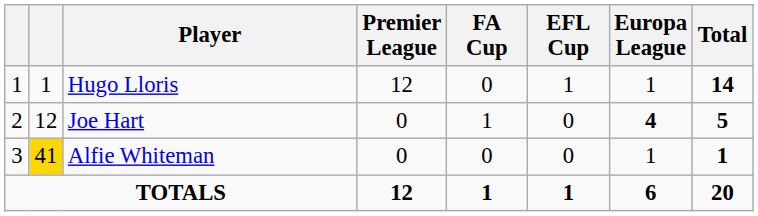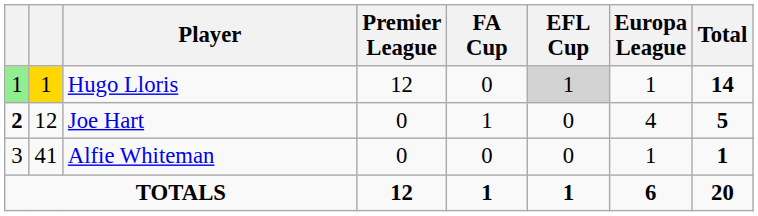 <table class="wikitable sortable" style="text-align:center">
 <tr>
 <th width=10></th>
 <th width=10></th>
 <th width=200>Player</th>
 <th width=50>Premier League</th>
 <th width=50>FA Cup</th>
 <th width=50>EFL Cup</th>
 <th width=50>Europa League</th>
 <th>Total</th>
 </tr>
 <tr>
-<td>1</td>
-<td>1</td>
+<td style="background: lightgreen;">1</td>
+<td style="background: gold;">1</td>
 <td align="left"> <a href='#'>Hugo Lloris</a></td>
 <td>12</td>
 <td>0</td>
-<td>1</td>
+<td style="background: lightgrey;">1</td>
 <td>1</td>
 <td><strong>14</strong></td>
 </tr>
 <tr>
-<td>2</td>
+<td><strong>2</strong></td>
 <td>12</td>
 <td align="left"> <a href='#'>Joe Hart</a></td>
 <td>0</td>
 <td>1</td>
 <td>0</td>
-<td><strong>4</strong></td>
+<td>4</td>
 <td><strong>5</strong></td>
 </tr>
 <tr>
 <td>3</td>
-<td style="background: gold;">41</td>
+<td>41</td>
 <td align="left"> <a href='#'>Alfie Whiteman</a></td>
 <td>0</td>
 <td>0</td>
 <td>0</td>
 <td>1</td>
 <td><strong>1</strong></td>
 </tr>
 <tr>
 <td colspan="3"><strong>TOTALS</strong></td>
 <td><strong>12</strong></td>
 <td><strong>1</strong></td>
 <td><strong>1</strong></td>
 <td><strong>6</strong></td>
 <td><strong>20</strong></td>
 </tr>
 </table>
